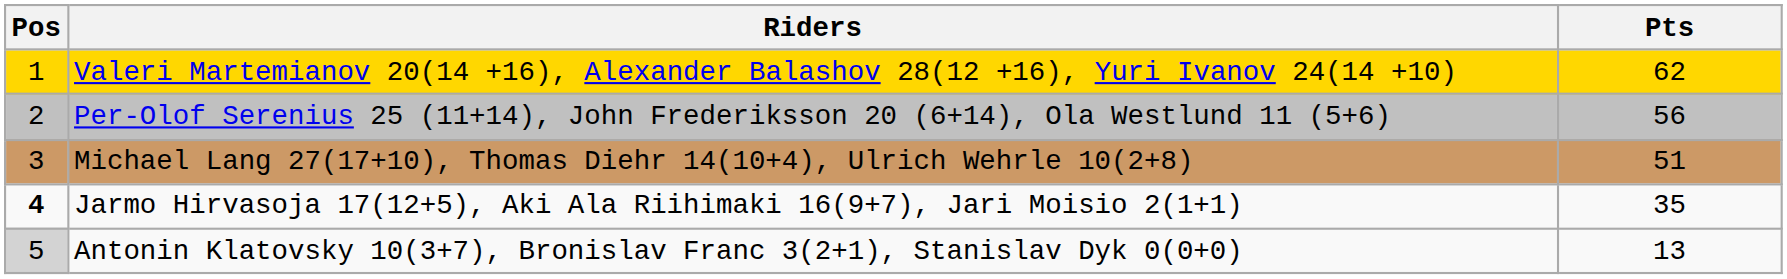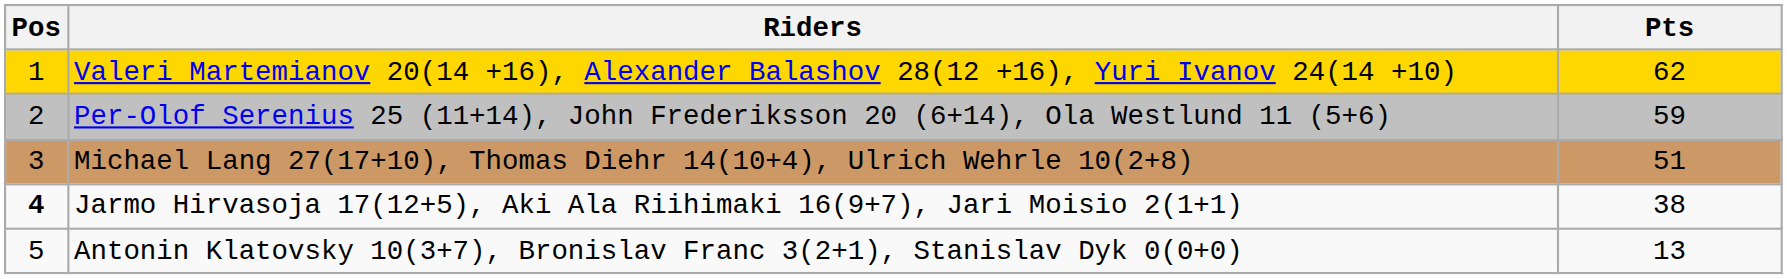 <table class="wikitable" style="font-size: 100%">
 <tr>
 <th width=20>Pos</th>
 <th width=700>Riders</th>
 <th width=100>Pts</th>
 </tr>
 <tr align=center style="background-color: gold;">
 <td>1</td>
 <td align="left"> <a href='#'>Valeri Martemianov</a> 20(14 +16), <a href='#'>Alexander Balashov</a> 28(12 +16), <a href='#'>Yuri Ivanov</a> 24(14 +10)</td>
 <td>62</td>
 </tr>
 <tr align=center style="background-color: silver;">
 <td>2</td>
 <td align="left"> <a href='#'>Per-Olof Serenius</a> 25 (11+14), John Frederiksson 20 (6+14), Ola Westlund 11 (5+6)</td>
-<td>56</td>
+<td>59</td>
 </tr>
 <tr align=center style="background-color: #cc9966;">
 <td>3</td>
 <td align="left">Michael Lang 27(17+10), Thomas Diehr 14(10+4), Ulrich Wehrle 10(2+8)</td>
 <td>51</td>
 </tr>
 <tr align=center>
 <td><strong>4</strong></td>
 <td align="left"> Jarmo Hirvasoja 17(12+5), Aki Ala Riihimaki 16(9+7), Jari Moisio 2(1+1)</td>
-<td>35</td>
+<td>38</td>
 </tr>
 <tr align=center>
-<td style="background: lightgrey;">5</td>
+<td>5</td>
 <td align="left"> Antonin Klatovsky 10(3+7), Bronislav Franc 3(2+1), Stanislav Dyk 0(0+0)</td>
 <td>13</td>
 </tr>
 </table>
